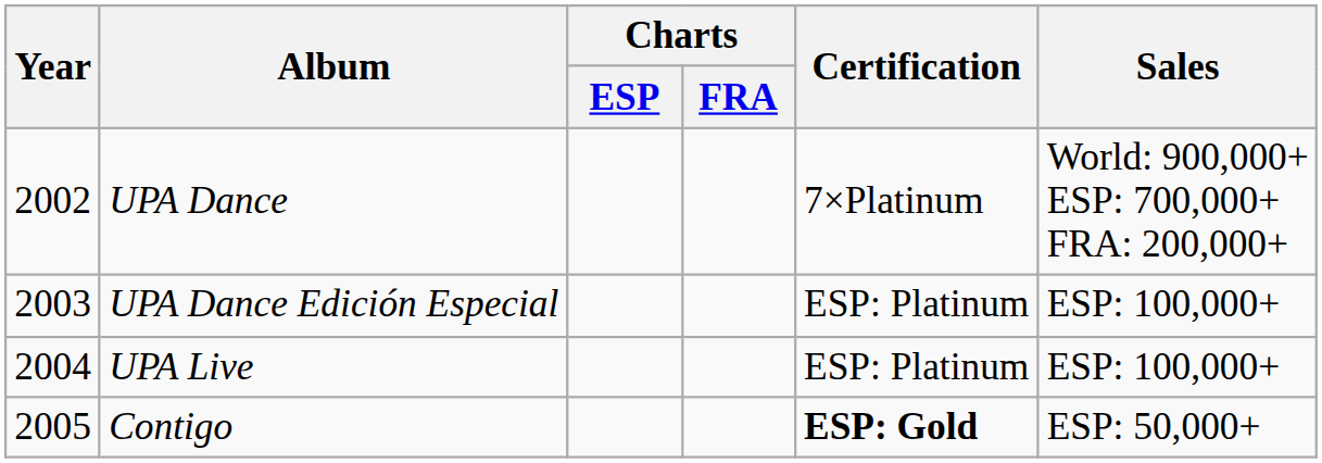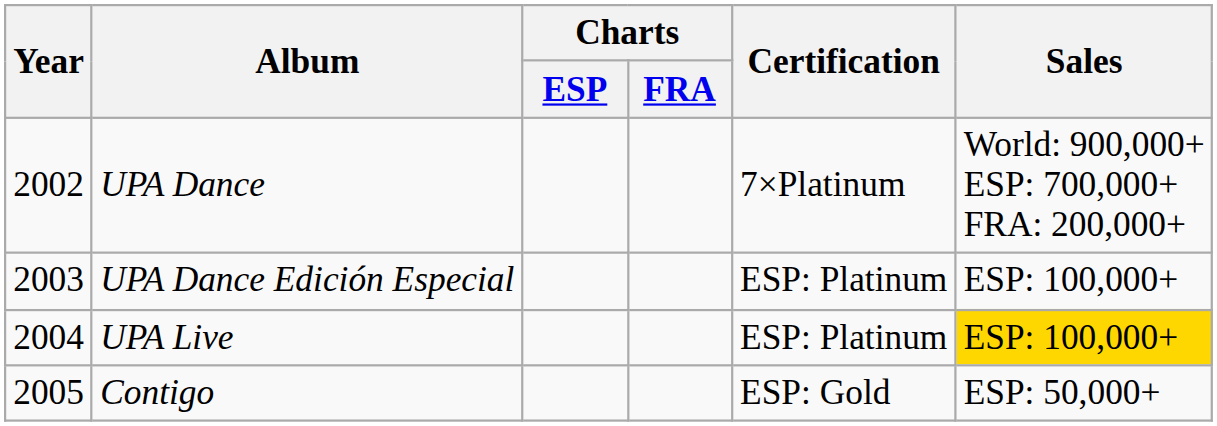 <table class="wikitable" style="text-align:left;">
 <tr>
 <th rowspan="2">Year</th>
 <th rowspan="2">Album</th>
 <th colspan="2">Charts</th>
 <th rowspan="2">Certification</th>
 <th rowspan="2">Sales</th>
 </tr>
 <tr>
 <th width="40"><a href='#'>ESP</a></th>
 <th width="40"><a href='#'>FRA</a></th>
 </tr>
 <tr>
 <td>2002</td>
 <td><em>UPA Dance</em></td>
 <td></td>
 <td></td>
 <td>7×Platinum</td>
 <td>World: 900,000+ <br> ESP: 700,000+ <br> FRA: 200,000+</td>
 </tr>
 <tr>
 <td>2003</td>
 <td><em>UPA Dance Edición Especial</em></td>
 <td></td>
 <td></td>
 <td>ESP: Platinum</td>
 <td>ESP: 100,000+</td>
 </tr>
 <tr>
 <td>2004</td>
 <td><em>UPA Live</em></td>
 <td></td>
 <td></td>
 <td>ESP: Platinum</td>
-<td>ESP: 100,000+</td>
+<td style="background: gold;">ESP: 100,000+</td>
 </tr>
 <tr>
 <td>2005</td>
 <td><em>Contigo</em></td>
 <td></td>
 <td></td>
-<td><strong>ESP: Gold</strong></td>
+<td>ESP: Gold</td>
 <td>ESP: 50,000+</td>
 </tr>
 </table>
